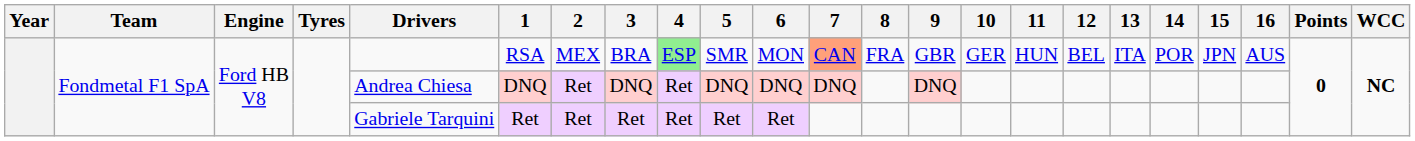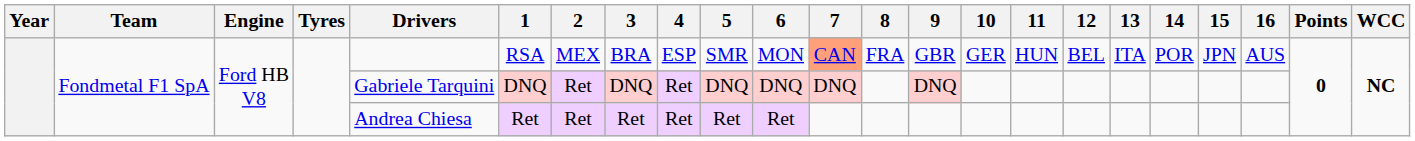 <table class="wikitable" style="text-align:center; font-size:90%">
 <tr>
 <th>Year</th>
 <th>Team</th>
 <th>Engine</th>
 <th>Tyres</th>
 <th>Drivers</th>
 <th>1</th>
 <th>2</th>
 <th>3</th>
 <th>4</th>
 <th>5</th>
 <th>6</th>
 <th>7</th>
 <th>8</th>
 <th>9</th>
 <th>10</th>
 <th>11</th>
 <th>12</th>
 <th>13</th>
 <th>14</th>
 <th>15</th>
 <th>16</th>
 <th>Points</th>
 <th>WCC</th>
 </tr>
 <tr>
 <th rowspan="3"></th>
 <td rowspan="3"><a href='#'>Fondmetal F1 SpA</a></td>
 <td rowspan="3"><a href='#'>Ford</a> HB<br><a href='#'>V8</a></td>
 <td rowspan="3"></td>
 <td></td>
 <td><a href='#'>RSA</a></td>
 <td><a href='#'>MEX</a></td>
 <td><a href='#'>BRA</a></td>
-<td style="background: lightgreen;"><a href='#'>ESP</a></td>
+<td><a href='#'>ESP</a></td>
 <td><a href='#'>SMR</a></td>
 <td><a href='#'>MON</a></td>
 <td style="background: lightsalmon;"><a href='#'>CAN</a></td>
 <td><a href='#'>FRA</a></td>
 <td><a href='#'>GBR</a></td>
 <td><a href='#'>GER</a></td>
 <td><a href='#'>HUN</a></td>
 <td><a href='#'>BEL</a></td>
 <td><a href='#'>ITA</a></td>
 <td><a href='#'>POR</a></td>
 <td><a href='#'>JPN</a></td>
 <td><a href='#'>AUS</a></td>
 <td rowspan="3"><strong>0</strong></td>
 <td rowspan="3"><strong>NC</strong></td>
 </tr>
 <tr>
-<td align="left"><a href='#'>Andrea Chiesa</a></td>
+<td align="left"><a href='#'>Gabriele Tarquini</a></td>
 <td style="background:#ffcfcf;">DNQ</td>
 <td style="background:#efcfff;">Ret</td>
 <td style="background:#ffcfcf;">DNQ</td>
 <td style="background:#efcfff;">Ret</td>
 <td style="background:#ffcfcf;">DNQ</td>
 <td style="background:#ffcfcf;">DNQ</td>
 <td style="background:#ffcfcf;">DNQ</td>
 <td></td>
 <td style="background:#ffcfcf;">DNQ</td>
 <td></td>
 <td></td>
 <td></td>
 <td></td>
 <td></td>
 <td></td>
 <td></td>
 </tr>
 <tr>
-<td align="left"><a href='#'>Gabriele Tarquini</a></td>
+<td align="left"><a href='#'>Andrea Chiesa</a></td>
 <td style="background:#efcfff;">Ret</td>
 <td style="background:#efcfff;">Ret</td>
 <td style="background:#efcfff;">Ret</td>
 <td style="background:#efcfff;">Ret</td>
 <td style="background:#efcfff;">Ret</td>
 <td style="background:#efcfff;">Ret</td>
 <td></td>
 <td></td>
 <td></td>
 <td></td>
 <td></td>
 <td></td>
 <td></td>
 <td></td>
 <td></td>
 <td></td>
 </tr>
 </table>
